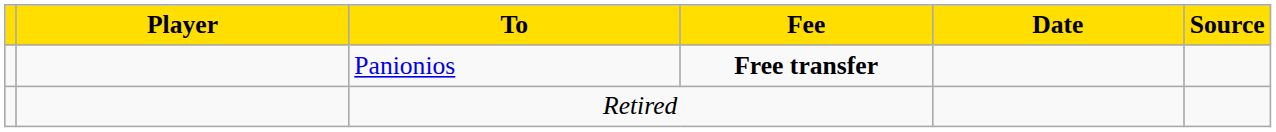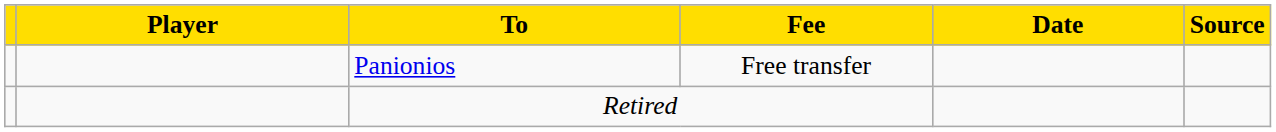 <table class="wikitable sortable">
 <tr>
 <th style="background:#FFDE00"></th>
 <th width=200 style="background:#FFDE00">Player</th>
 <th width=200 style="background:#FFDE00">To</th>
 <th width=150 style="background:#FFDE00">Fee</th>
 <th width=150 style="background:#FFDE00">Date</th>
 <th style="background:#FFDE00">Source</th>
 </tr>
 <tr>
 <td align=center></td>
 <td></td>
 <td> <a href='#'>Panionios</a></td>
-<td align=center><strong>Free transfer</strong></td>
+<td align=center>Free transfer</td>
 <td align=center></td>
 <td align=center></td>
 </tr>
 <tr>
 <td align=center></td>
 <td></td>
 <td align=center colspan=2><em>Retired</em></td>
 <td align=center></td>
 <td align=center></td>
 </tr>
 </table>
